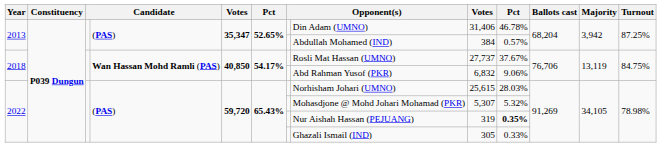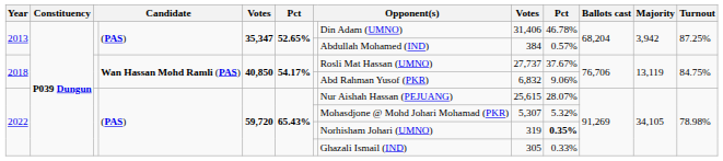 <table class="wikitable" style="margin:0.5em ; font-size:95%">
 <tr>
 <th>Year</th>
 <th>Constituency</th>
 <th colspan=2>Candidate</th>
 <th>Votes</th>
 <th>Pct</th>
 <th colspan=2>Opponent(s)</th>
 <th>Votes</th>
 <th>Pct</th>
 <th>Ballots cast</th>
 <th>Majority</th>
 <th>Turnout</th>
 </tr>
 <tr>
 <td rowspan=2><a href='#'>2013</a></td>
 <td rowspan=8><strong>P039 <a href='#'>Dungun</a></strong></td>
 <td rowspan=2 ></td>
 <td rowspan=2> (<a href='#'><strong>PAS</strong></a>)</td>
 <td rowspan=2 align="right"><strong>35,347</strong></td>
 <td rowspan=2><strong>52.65%</strong></td>
 <td></td>
 <td>Din Adam (<a href='#'>UMNO</a>)</td>
 <td align="right">31,406</td>
 <td>46.78%</td>
 <td rowspan=2>68,204</td>
 <td rowspan=2>3,942</td>
 <td rowspan=2>87.25%</td>
 </tr>
 <tr>
 <td></td>
 <td>Abdullah Mohamed (<a href='#'>IND</a>)</td>
 <td align="right">384</td>
 <td align="right">0.57%</td>
 </tr>
 <tr>
 <td rowspan=2><a href='#'>2018</a></td>
 <td rowspan=2 ></td>
 <td rowspan=2><strong>Wan Hassan Mohd Ramli</strong> (<a href='#'><strong>PAS</strong></a>)</td>
 <td rowspan=2 align="right"><strong>40,850</strong></td>
 <td rowspan=2><strong>54.17%</strong></td>
 <td></td>
 <td>Rosli Mat Hassan (<a href='#'>UMNO</a>)</td>
 <td align="right">27,737</td>
 <td>37.67%</td>
 <td rowspan=2>76,706</td>
 <td rowspan=2>13,119</td>
 <td rowspan=2>84.75%</td>
 </tr>
 <tr>
 <td></td>
 <td>Abd Rahman Yusof (<a href='#'>PKR</a>)</td>
 <td align="right">6,832</td>
 <td align="right">9.06%</td>
 </tr>
 <tr>
 <td rowspan=4><a href='#'>2022</a></td>
 <td rowspan=4 ></td>
 <td rowspan=4> (<a href='#'><strong>PAS</strong></a>)</td>
 <td rowspan=4 align="right"><strong>59,720</strong></td>
 <td rowspan=4><strong>65.43%</strong></td>
 <td></td>
-<td>Norhisham Johari (<a href='#'>UMNO</a>)</td>
+<td>Nur Aishah Hassan (<a href='#'>PEJUANG</a>)</td>
 <td align="right">25,615</td>
-<td>28.03%</td>
+<td>28.07%</td>
 <td rowspan=4>91,269</td>
 <td rowspan=4>34,105</td>
 <td rowspan=4>78.98%</td>
 </tr>
 <tr>
 <td></td>
 <td>Mohasdjone @ Mohd Johari Mohamad (<a href='#'>PKR</a>)</td>
 <td align="right">5,307</td>
 <td align="right">5.32%</td>
 </tr>
 <tr>
 <td bgcolor=></td>
-<td>Nur Aishah Hassan (<a href='#'>PEJUANG</a>)</td>
+<td>Norhisham Johari (<a href='#'>UMNO</a>)</td>
 <td align="right">319</td>
 <td align="right"><strong>0.35%</strong></td>
 </tr>
 <tr>
 <td></td>
 <td>Ghazali Ismail (<a href='#'>IND</a>)</td>
 <td align="right">305</td>
 <td align="right">0.33%</td>
 </tr>
 </table>
